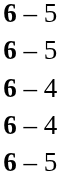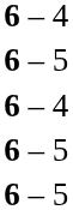 <table style="text-align:center">
 <tr>
 <th width=223></th>
 <th width=100></th>
 <th width=223></th>
 </tr>
 <tr>
 <td align=right></td>
 <td></td>
 <td align=left></td>
 </tr>
 <tr>
 <td align=right></td>
-<td><strong>6</strong> – 5</td>
+<td><strong>6</strong> – 4</td>
 <td align=left></td>
 </tr>
 <tr>
 <td align=right></td>
 <td><strong>6</strong> – 5</td>
 <td align=left></td>
 </tr>
 <tr>
 <td align=right></td>
 <td><strong>6</strong> – 4</td>
 <td align=left></td>
 </tr>
 <tr>
 <td align=right></td>
-<td><strong>6</strong> – 4</td>
+<td><strong>6</strong> – 5</td>
 <td align=left></td>
 </tr>
 <tr>
 <td align=right></td>
 <td><strong>6</strong> – 5</td>
 <td align=left></td>
 </tr>
 </table>
